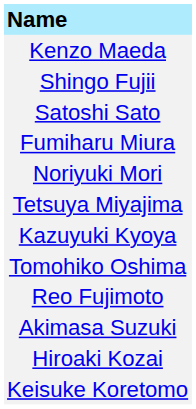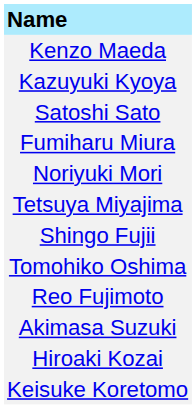 <table border=0 cellpadding=2 cellspacing=0  |- bgcolor=#F2F2F2 style="text-align:center; font-size:90%;">
 <tr bgcolor=#ADEBFD>
 <th align=left>Name</th>
 </tr>
 <tr>
 <td><a href='#'>Kenzo Maeda</a></td>
 </tr>
 <tr>
-<td><a href='#'>Shingo Fujii</a></td>
+<td><a href='#'>Kazuyuki Kyoya</a></td>
 </tr>
 <tr>
 <td><a href='#'>Satoshi Sato</a></td>
 </tr>
 <tr>
 <td><a href='#'>Fumiharu Miura</a></td>
 </tr>
 <tr>
 <td><a href='#'>Noriyuki Mori</a></td>
 </tr>
 <tr>
 <td><a href='#'>Tetsuya Miyajima</a></td>
 </tr>
 <tr>
-<td><a href='#'>Kazuyuki Kyoya</a></td>
+<td><a href='#'>Shingo Fujii</a></td>
 </tr>
 <tr>
 <td><a href='#'>Tomohiko Oshima</a></td>
 </tr>
 <tr>
 <td><a href='#'>Reo Fujimoto</a></td>
 </tr>
 <tr>
 <td><a href='#'>Akimasa Suzuki</a></td>
 </tr>
 <tr>
 <td><a href='#'>Hiroaki Kozai</a></td>
 </tr>
 <tr>
 <td><a href='#'>Keisuke Koretomo</a></td>
 </tr>
 </table>
